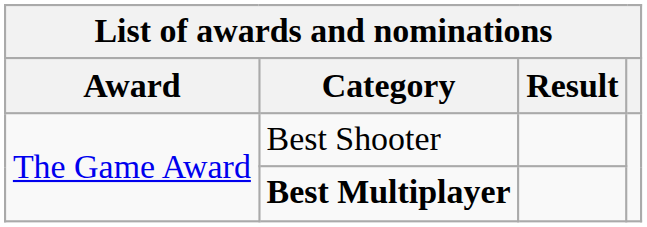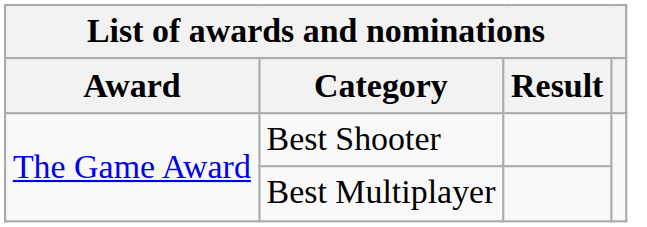 <table class="wikitable">
 <tr>
 <th colspan="4">List of awards and nominations</th>
 </tr>
 <tr>
 <th>Award</th>
 <th>Category</th>
 <th>Result</th>
 <th></th>
 </tr>
 <tr>
 <td rowspan="2"><a href='#'>The Game Award</a></td>
 <td>Best Shooter</td>
 <td></td>
 <td rowspan="2"></td>
 </tr>
 <tr>
-<td><strong>Best Multiplayer</strong></td>
+<td>Best Multiplayer</td>
 <td></td>
 </tr>
 </table>
